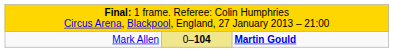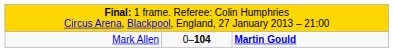 <table class="wikitable" style="font-size: 95%; margin: 1em auto 1em auto;">
 <tr>
 <td colspan="3" align="center" bgcolor="#ffd700"><strong>Final:</strong> 1 frame. Referee: Colin Humphries<br> <a href='#'>Circus Arena</a>, <a href='#'>Blackpool</a>, England, 27 January 2013 – 21:00</td>
 </tr>
 <tr>
 <td width="230" align="right"><a href='#'>Mark Allen</a><br></td>
-<td width="100" align="center" style="background: khaki;">0–<strong>104</strong></td>
+<td width="100" align="center">0–<strong>104</strong></td>
 <td width="230"><strong><a href='#'>Martin Gould</a></strong><br></td>
 </tr>
 </table>
